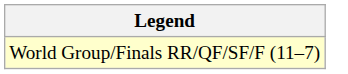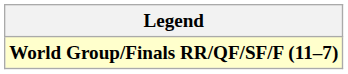 <table class="wikitable" style="font-size:90%">
 <tr>
 <th>Legend</th>
 </tr>
 <tr bgcolor=#ffc>
-<td>World Group/Finals RR/QF/SF/F (11–7)</td>
+<td><strong>World Group/Finals RR/QF/SF/F (11–7)</strong></td>
 </tr>
 </table>
